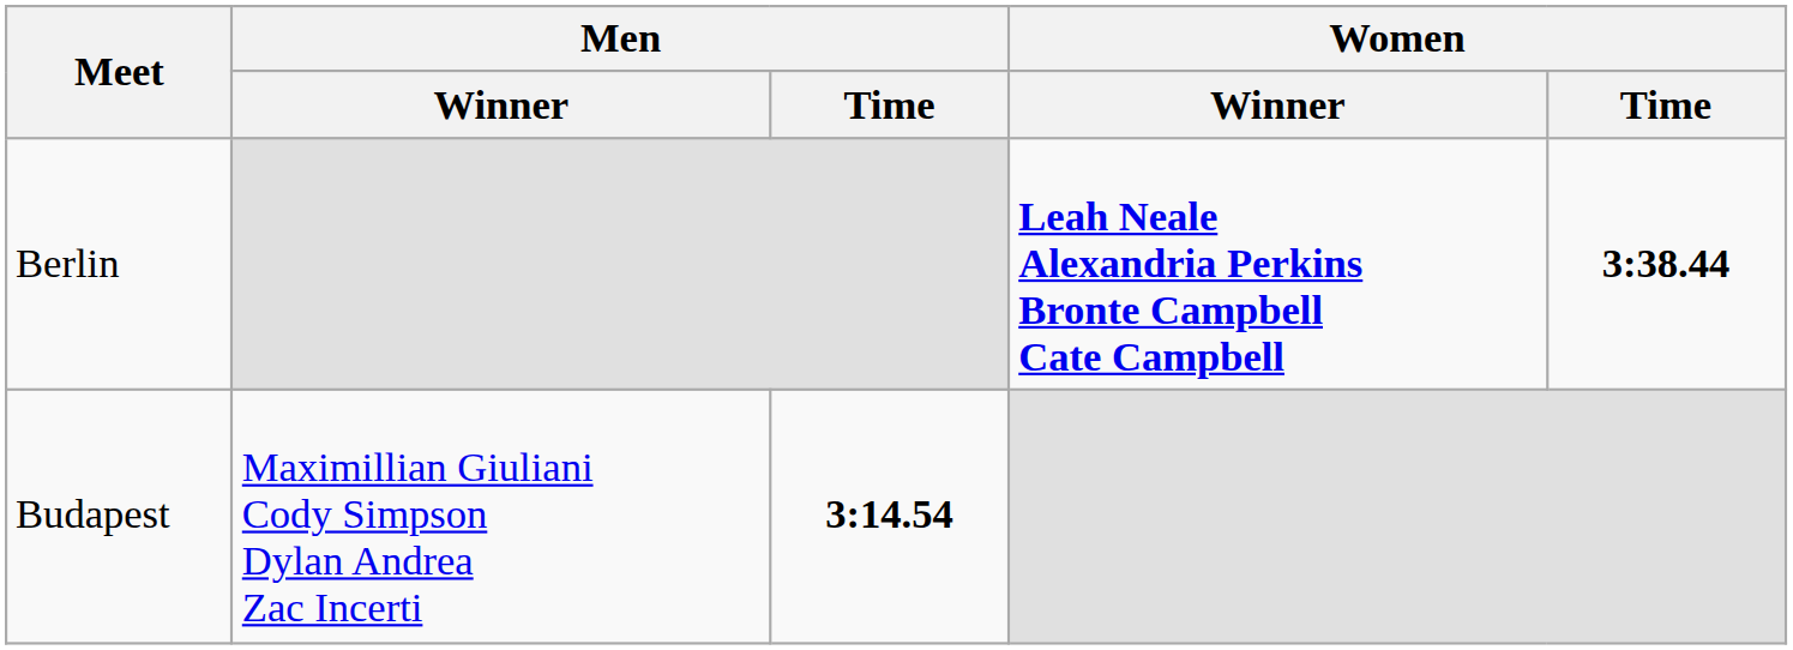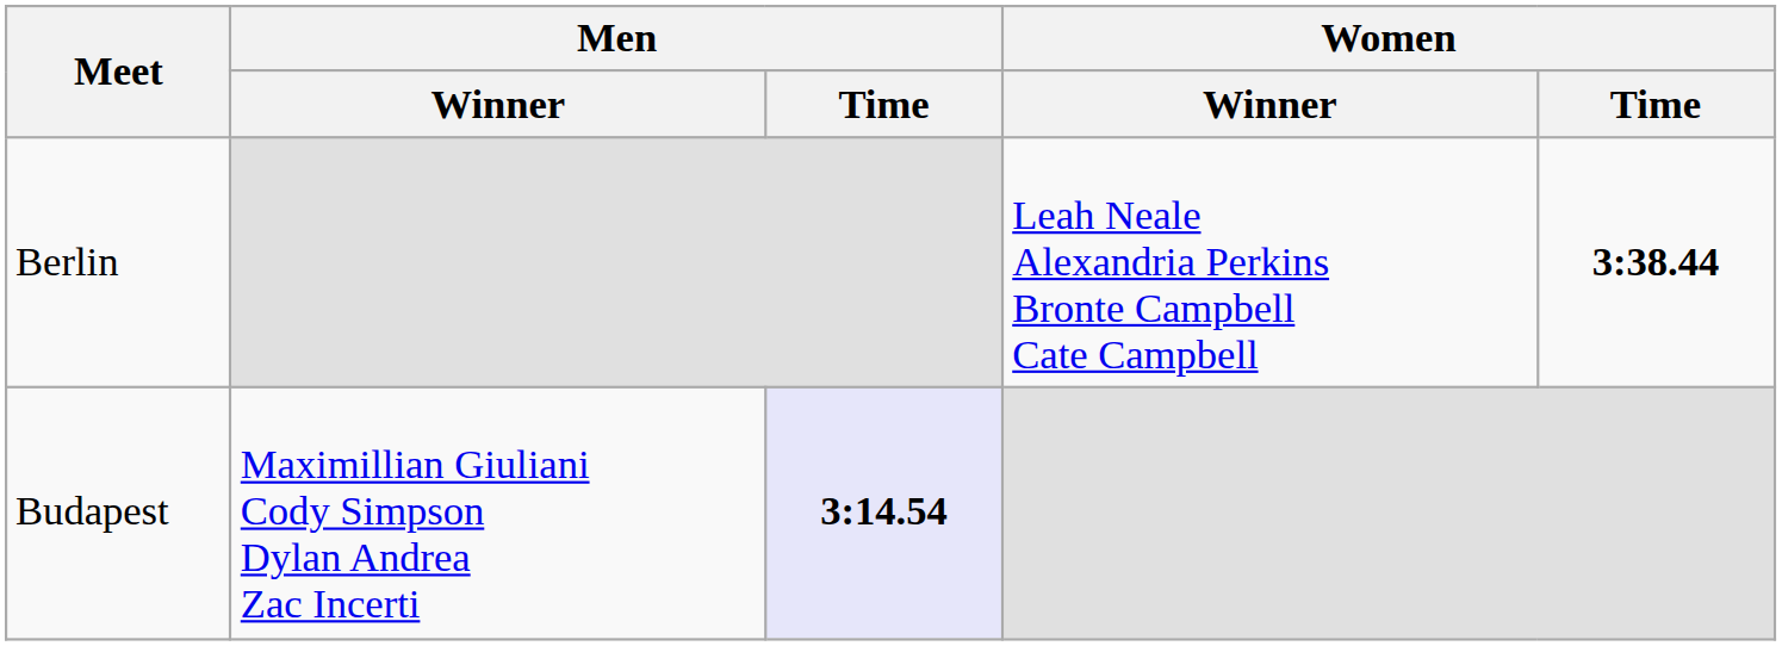 <table class="wikitable">
 <tr>
 <th width=80 rowspan=2>Meet</th>
 <th colspan=2>Men</th>
 <th colspan=2>Women</th>
 </tr>
 <tr>
 <th width=200>Winner</th>
 <th width=85>Time</th>
 <th width=200>Winner</th>
 <th width=85>Time</th>
 </tr>
 <tr>
 <td>Berlin</td>
 <td colspan=2 bgcolor=e0e0e0></td>
-<td><strong><br><a href='#'>Leah Neale</a><br><a href='#'>Alexandria Perkins</a><br><a href='#'>Bronte Campbell</a><br><a href='#'>Cate Campbell</a></strong></td>
+<td><br><a href='#'>Leah Neale</a><br><a href='#'>Alexandria Perkins</a><br><a href='#'>Bronte Campbell</a><br><a href='#'>Cate Campbell</a></td>
 <td align=center><strong>3:38.44</strong></td>
 </tr>
 <tr>
 <td>Budapest</td>
 <td><br><a href='#'>Maximillian Giuliani</a><br><a href='#'>Cody Simpson</a><br><a href='#'>Dylan Andrea</a><br><a href='#'>Zac Incerti</a></td>
-<td align=center><strong>3:14.54</strong></td>
+<td align=center style="background: lavender;"><strong>3:14.54</strong></td>
 <td colspan=2 bgcolor=e0e0e0></td>
 </tr>
 </table>
